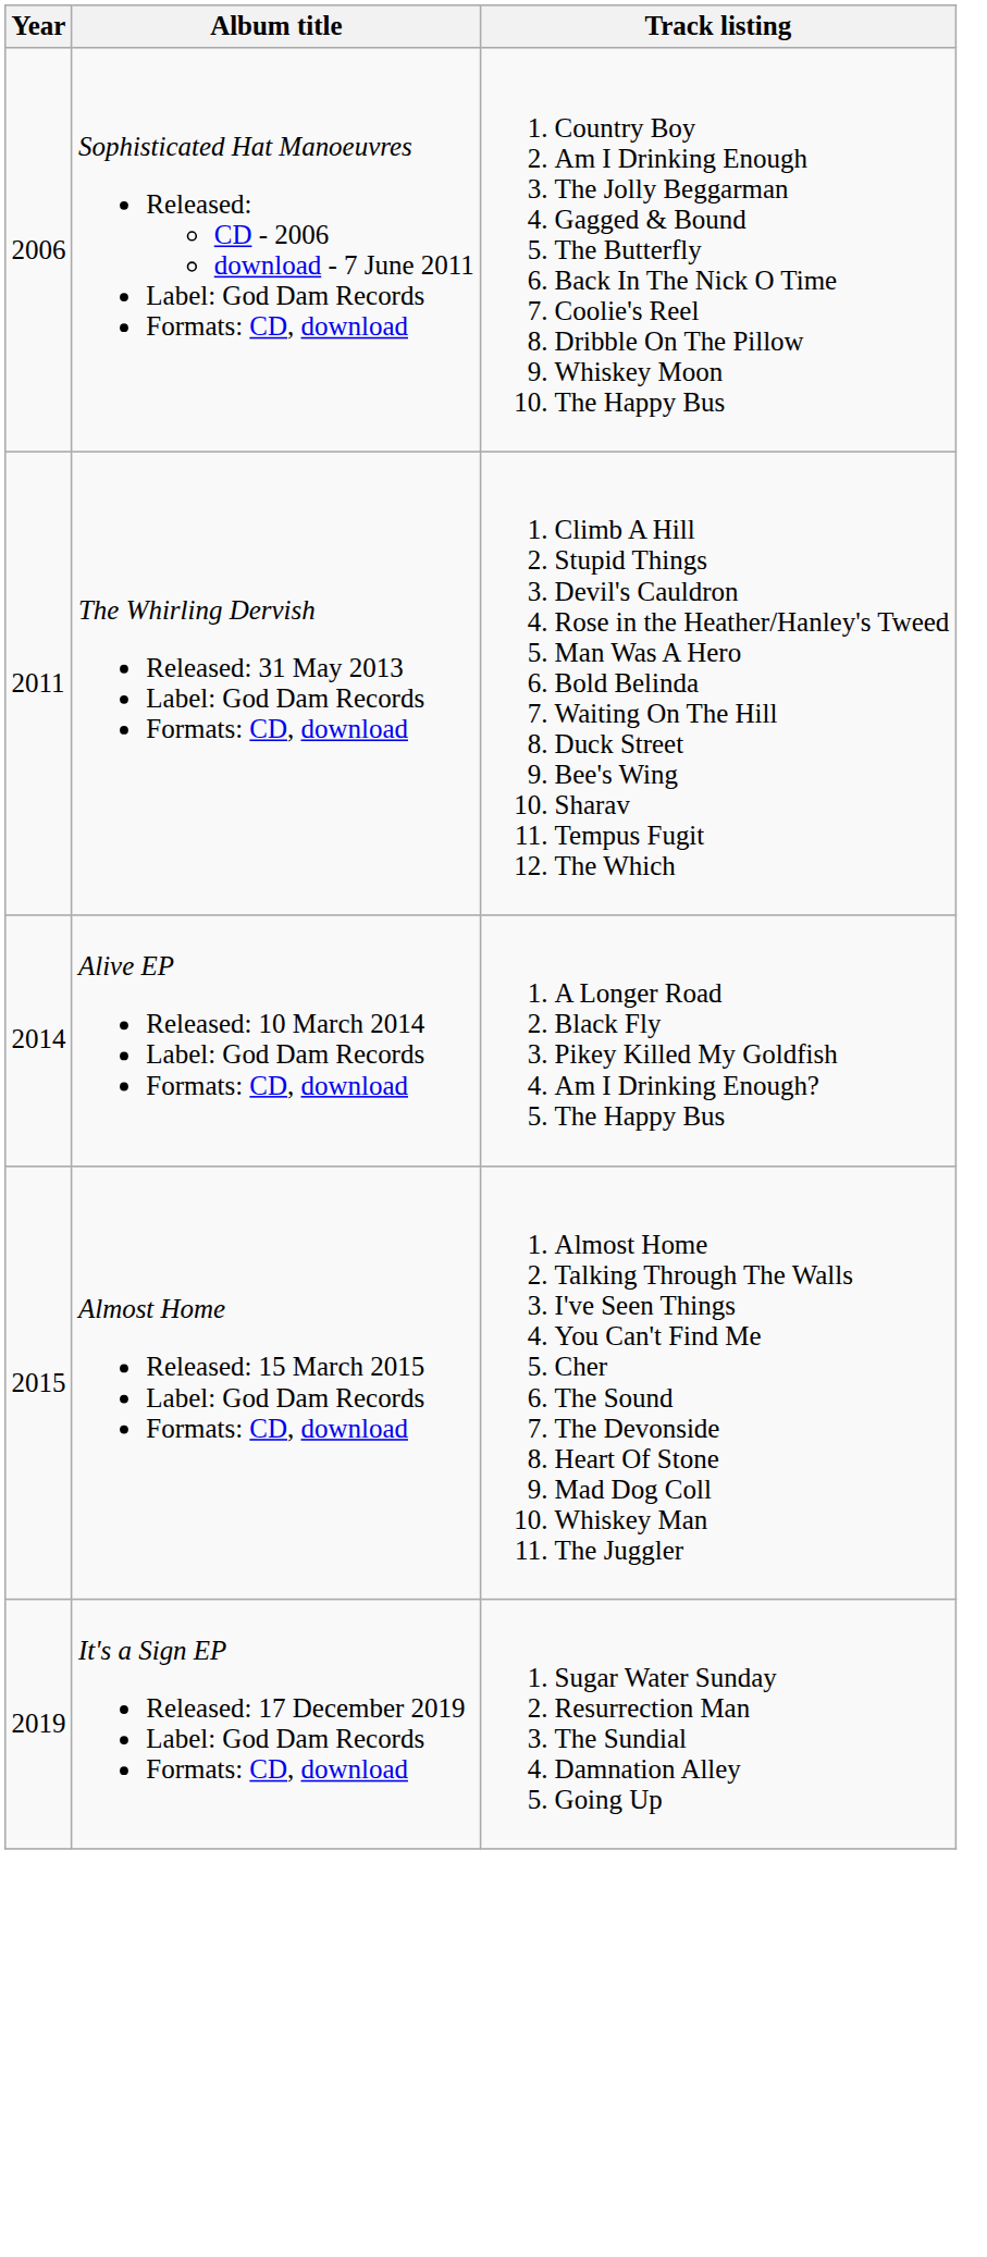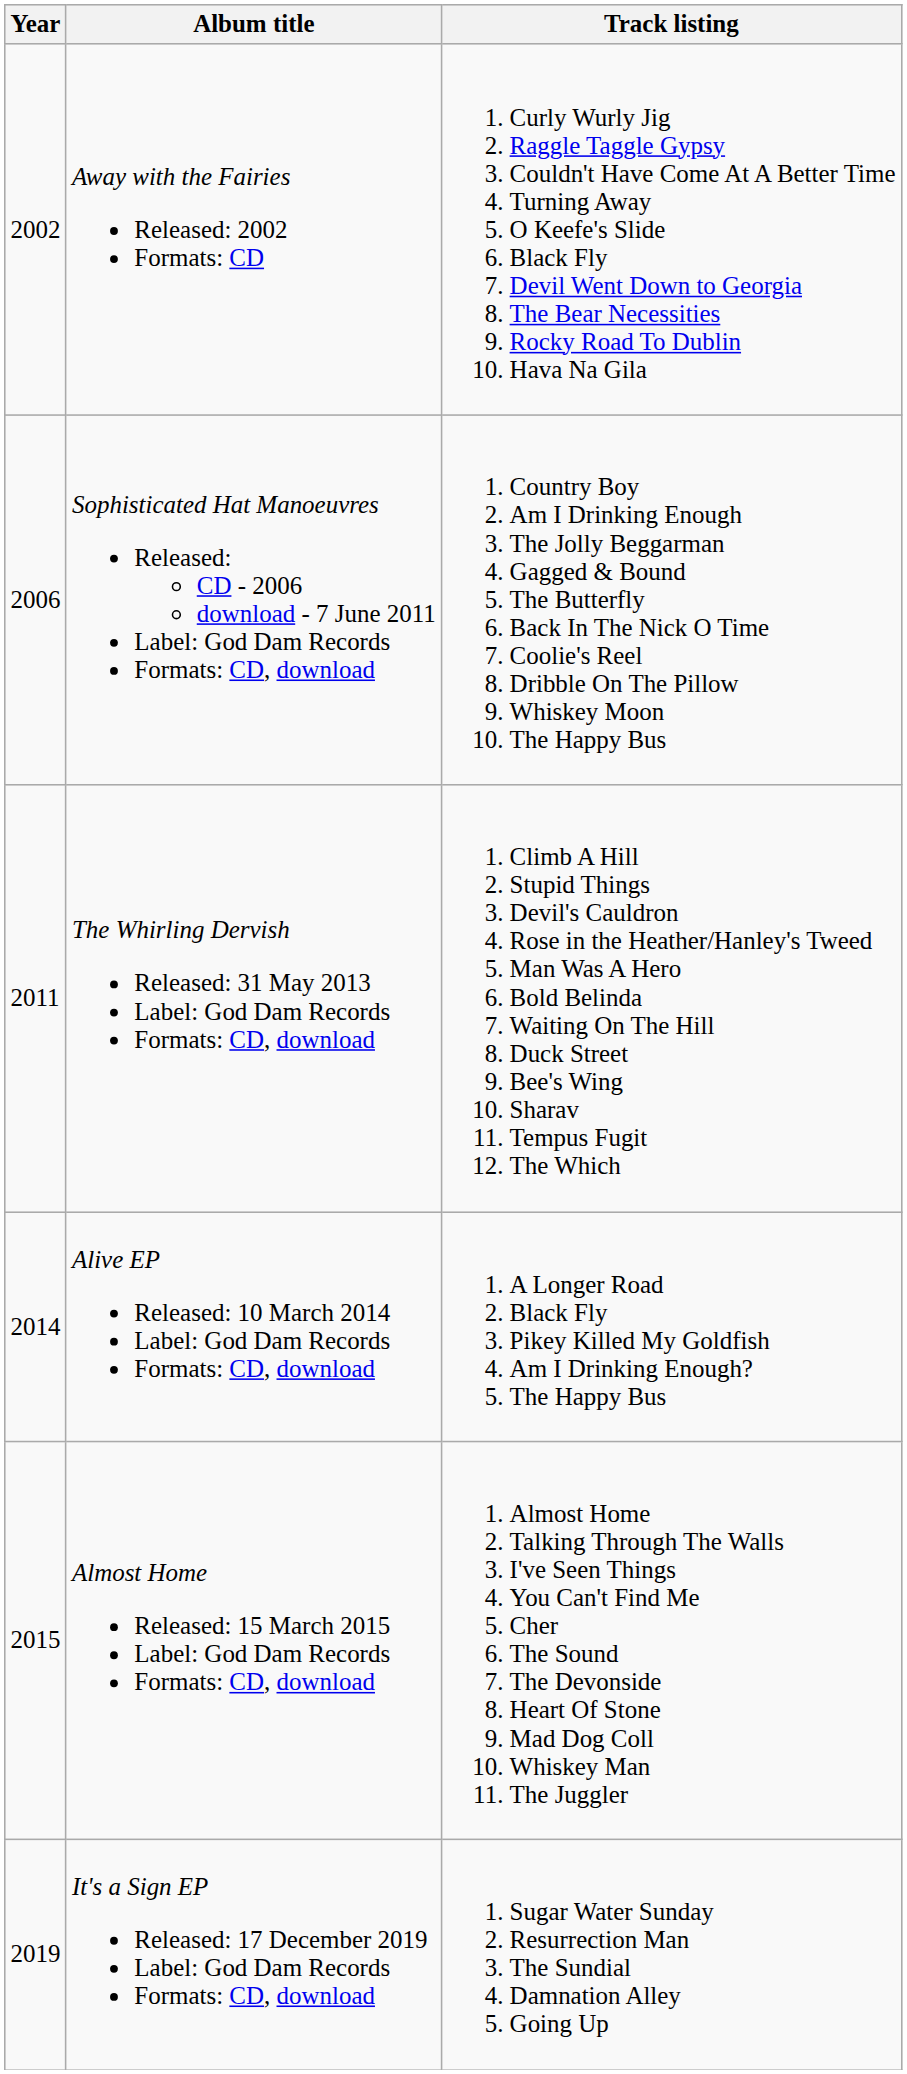 <table class="wikitable">
 <tr>
 <th>Year</th>
 <th>Album title</th>
 <th>Track listing</th>
+</tr>
+<tr>
+<td>2002</td>
+<td><em>Away with the Fairies</em><br><ul><li>Released: 2002</li><li>Formats: <a href='#'>CD</a></li></ul></td>
+<td><br><ol><li>Curly Wurly Jig</li><li><a href='#'>Raggle Taggle Gypsy</a></li><li>Couldn't Have Come At A Better Time</li><li>Turning Away</li><li>O Keefe's Slide</li><li>Black Fly</li><li><a href='#'>Devil Went Down to Georgia</a></li><li><a href='#'>The Bear Necessities</a></li><li><a href='#'>Rocky Road To Dublin</a></li><li>Hava Na Gila</li></ol></td>
 </tr>
 <tr>
 <td>2006</td>
 <td><em>Sophisticated Hat Manoeuvres</em><br><ul><li>Released:<ul><li><a href='#'>CD</a> - 2006</li><li><a href='#'>download</a> - 7 June 2011 </li></ul></li><li>Label: God Dam Records</li><li>Formats: <a href='#'>CD</a>, <a href='#'>download</a></li></ul></td>
 <td><br><ol><li>Country Boy</li><li>Am I Drinking Enough</li><li>The Jolly Beggarman</li><li>Gagged & Bound</li><li>The Butterfly</li><li>Back In The Nick O Time</li><li>Coolie's Reel</li><li>Dribble On The Pillow</li><li>Whiskey Moon</li><li>The Happy Bus</li></ol></td>
 </tr>
 <tr>
 <td>2011</td>
 <td><em>The Whirling Dervish</em><br><ul><li>Released: 31 May 2013 </li><li>Label: God Dam Records</li><li>Formats: <a href='#'>CD</a>, <a href='#'>download</a></li></ul></td>
 <td><br><ol><li>Climb A Hill</li><li>Stupid Things</li><li>Devil's Cauldron</li><li>Rose in the Heather/Hanley's Tweed</li><li>Man Was A Hero</li><li>Bold Belinda</li><li>Waiting On The Hill</li><li>Duck Street</li><li>Bee's Wing</li><li>Sharav</li><li>Tempus Fugit</li><li>The Which</li></ol></td>
 </tr>
 <tr>
 <td>2014</td>
 <td><em>Alive EP</em><br><ul><li>Released: 10 March 2014 </li><li>Label: God Dam Records</li><li>Formats: <a href='#'>CD</a>, <a href='#'>download</a></li></ul></td>
 <td><br><ol><li>A Longer Road</li><li>Black Fly</li><li>Pikey Killed My Goldfish</li><li>Am I Drinking Enough?</li><li>The Happy Bus</li></ol></td>
 </tr>
 <tr>
 <td>2015</td>
 <td><em>Almost Home</em><br><ul><li>Released: 15 March 2015 </li><li>Label: God Dam Records</li><li>Formats: <a href='#'>CD</a>, <a href='#'>download</a></li></ul></td>
 <td><br><ol><li>Almost Home</li><li>Talking Through The Walls</li><li>I've Seen Things</li><li>You Can't Find Me</li><li>Cher</li><li>The Sound</li><li>The Devonside</li><li>Heart Of Stone</li><li>Mad Dog Coll</li><li>Whiskey Man</li><li>The Juggler</li></ol></td>
 </tr>
 <tr>
 <td>2019</td>
 <td><em>It's a Sign EP</em><br><ul><li>Released: 17 December 2019 </li><li>Label: God Dam Records</li><li>Formats: <a href='#'>CD</a>, <a href='#'>download</a></li></ul></td>
 <td><br><ol><li>Sugar Water Sunday</li><li>Resurrection Man</li><li>The Sundial</li><li>Damnation Alley</li><li>Going Up</li></ol></td>
 </tr>
 </table>
